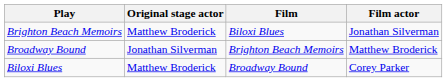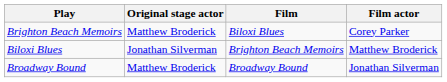 <table class="wikitable">
 <tr>
 <th>Play</th>
 <th>Original stage actor</th>
 <th>Film</th>
 <th>Film actor</th>
 </tr>
 <tr>
 <td><em><a href='#'>Brighton Beach Memoirs</a></em></td>
 <td><a href='#'>Matthew Broderick</a></td>
 <td><em><a href='#'>Biloxi Blues</a></em></td>
-<td><a href='#'>Jonathan Silverman</a></td>
+<td><a href='#'>Corey Parker</a></td>
 </tr>
 <tr>
-<td><em><a href='#'>Broadway Bound</a></em></td>
+<td><em><a href='#'>Biloxi Blues</a></em></td>
 <td><a href='#'>Jonathan Silverman</a></td>
 <td><em><a href='#'>Brighton Beach Memoirs</a></em></td>
 <td><a href='#'>Matthew Broderick</a></td>
 </tr>
 <tr>
-<td><em><a href='#'>Biloxi Blues</a></em></td>
+<td><em><a href='#'>Broadway Bound</a></em></td>
 <td><a href='#'>Matthew Broderick</a></td>
 <td><em><a href='#'>Broadway Bound</a></em></td>
-<td><a href='#'>Corey Parker</a></td>
+<td><a href='#'>Jonathan Silverman</a></td>
 </tr>
 </table>
